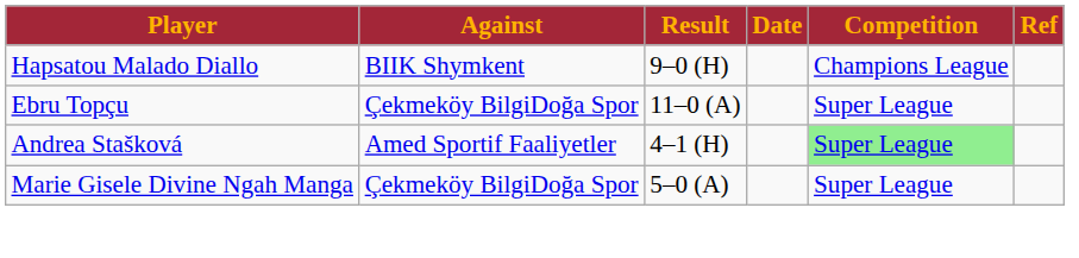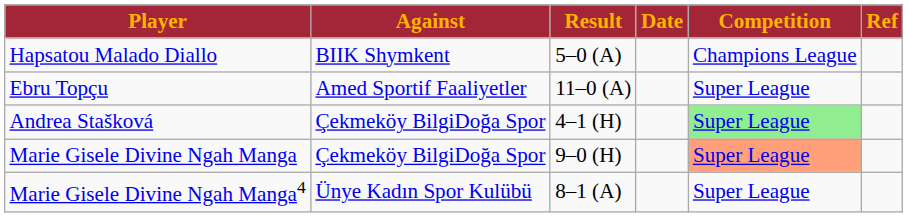 <table class="wikitable">
 <tr>
 <th style="background:#A32638; color:#FFB300; ">Player</th>
 <th style="background:#A32638; color:#FFB300; ">Against</th>
 <th style="background:#A32638; color:#FFB300; text-align:center; ">Result</th>
 <th style="background:#A32638; color:#FFB300; ">Date</th>
 <th style="background:#A32638; color:#FFB300; text-align:center; ">Competition</th>
 <th style="background:#A32638; color:#FFB300; ">Ref</th>
 </tr>
 <tr>
 <td> <a href='#'>Hapsatou Malado Diallo</a></td>
 <td><a href='#'>BIIK Shymkent</a></td>
-<td>9–0 (H)</td>
+<td>5–0 (A)</td>
 <td></td>
 <td><a href='#'>Champions League</a></td>
 <td></td>
 </tr>
 <tr>
 <td> <a href='#'>Ebru Topçu</a></td>
-<td><a href='#'>Çekmeköy BilgiDoğa Spor</a></td>
+<td><a href='#'>Amed Sportif Faaliyetler</a></td>
 <td>11–0 (A)</td>
 <td></td>
 <td><a href='#'>Super League</a></td>
 <td></td>
 </tr>
 <tr>
 <td> <a href='#'>Andrea Stašková</a></td>
-<td><a href='#'>Amed Sportif Faaliyetler</a></td>
+<td><a href='#'>Çekmeköy BilgiDoğa Spor</a></td>
 <td>4–1 (H)</td>
 <td></td>
 <td style="background: lightgreen;"><a href='#'>Super League</a></td>
 <td></td>
 </tr>
 <tr>
 <td> <a href='#'>Marie Gisele Divine Ngah Manga</a></td>
 <td><a href='#'>Çekmeköy BilgiDoğa Spor</a></td>
-<td>5–0 (A)</td>
+<td>9–0 (H)</td>
+<td></td>
+<td style="background: lightsalmon;"><a href='#'>Super League</a></td>
+<td></td>
+</tr>
+<tr>
+<td> <a href='#'>Marie Gisele Divine Ngah Manga</a><sup>4</sup></td>
+<td><a href='#'>Ünye Kadın Spor Kulübü</a></td>
+<td>8–1 (A)</td>
 <td></td>
 <td><a href='#'>Super League</a></td>
 <td></td>
 </tr>
 </table>
